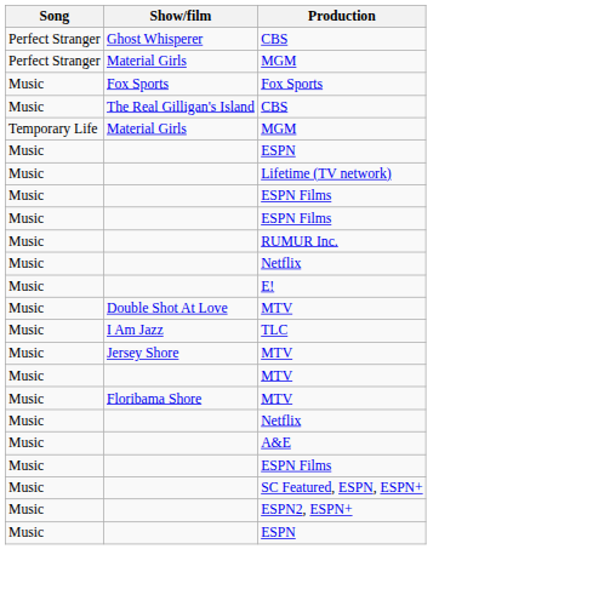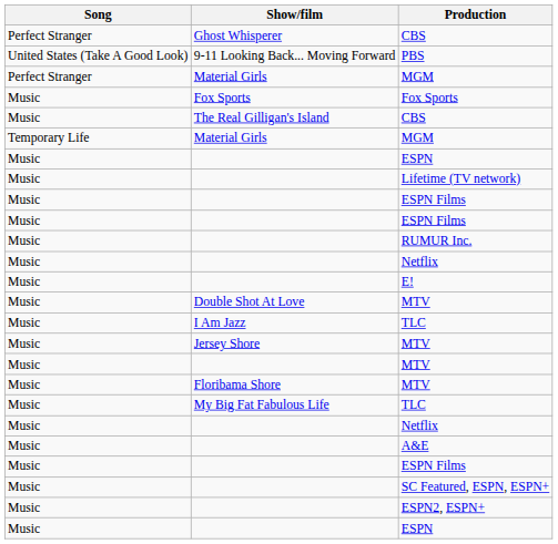 <table class="wikitable">
 <tr>
 <th style="text-align:center;">Song</th>
 <th style="text-align:center;">Show/film</th>
 <th style="text-align:center;">Production</th>
 </tr>
 <tr>
 <td>Perfect Stranger</td>
 <td><a href='#'>Ghost Whisperer</a></td>
 <td><a href='#'>CBS</a></td>
+</tr>
+<tr>
+<td>United States (Take A Good Look)</td>
+<td>9-11 Looking Back... Moving Forward</td>
+<td><a href='#'>PBS</a></td>
 </tr>
 <tr>
 <td>Perfect Stranger</td>
 <td><a href='#'>Material Girls</a></td>
 <td><a href='#'>MGM</a></td>
 </tr>
 <tr>
 <td>Music</td>
 <td><a href='#'>Fox Sports</a></td>
 <td><a href='#'>Fox Sports</a></td>
 </tr>
 <tr>
 <td>Music</td>
 <td><a href='#'>The Real Gilligan's Island</a></td>
 <td><a href='#'>CBS</a></td>
 </tr>
 <tr>
 <td>Temporary Life</td>
 <td><a href='#'>Material Girls</a></td>
 <td><a href='#'>MGM</a></td>
 </tr>
 <tr>
 <td>Music</td>
 <td></td>
 <td><a href='#'>ESPN</a></td>
 </tr>
 <tr>
 <td>Music</td>
 <td><br>  </td>
 <td><a href='#'>Lifetime (TV network)</a></td>
 </tr>
 <tr>
 <td>Music</td>
 <td></td>
 <td><a href='#'>ESPN Films</a></td>
 </tr>
 <tr>
 <td>Music</td>
 <td></td>
 <td><a href='#'>ESPN Films</a></td>
 </tr>
 <tr>
 <td>Music</td>
 <td></td>
 <td><a href='#'>RUMUR Inc.</a></td>
 </tr>
 <tr>
 <td>Music</td>
 <td></td>
 <td><a href='#'>Netflix</a></td>
 </tr>
 <tr>
 <td>Music</td>
 <td></td>
 <td><a href='#'>E!</a></td>
 </tr>
 <tr>
 <td>Music</td>
 <td><a href='#'>Double Shot At Love</a></td>
 <td><a href='#'>MTV</a></td>
 </tr>
 <tr>
 <td>Music</td>
 <td><a href='#'>I Am Jazz</a></td>
 <td><a href='#'>TLC</a></td>
 </tr>
 <tr>
 <td>Music</td>
 <td><a href='#'>Jersey Shore</a></td>
 <td><a href='#'>MTV</a></td>
 </tr>
 <tr>
 <td>Music</td>
 <td></td>
 <td><a href='#'>MTV</a></td>
 </tr>
 <tr>
 <td>Music</td>
 <td><a href='#'>Floribama Shore</a></td>
 <td><a href='#'>MTV</a></td>
 </tr>
 <tr>
 <td>Music</td>
+<td><a href='#'>My Big Fat Fabulous Life</a></td>
+<td><a href='#'>TLC</a></td>
+</tr>
+<tr>
+<td>Music</td>
 <td></td>
 <td><a href='#'>Netflix</a></td>
 </tr>
 <tr>
 <td>Music</td>
 <td></td>
 <td><a href='#'>A&E</a></td>
 </tr>
 <tr>
 <td>Music</td>
 <td></td>
 <td><a href='#'>ESPN Films</a></td>
 </tr>
 <tr>
 <td>Music</td>
 <td></td>
 <td><a href='#'>SC Featured</a>, <a href='#'>ESPN</a>, <a href='#'>ESPN+</a></td>
 </tr>
 <tr>
 <td>Music</td>
 <td></td>
 <td><a href='#'>ESPN2</a>, <a href='#'>ESPN+</a></td>
 </tr>
 <tr>
 <td>Music</td>
 <td></td>
 <td><a href='#'>ESPN</a></td>
 </tr>
 </table>
